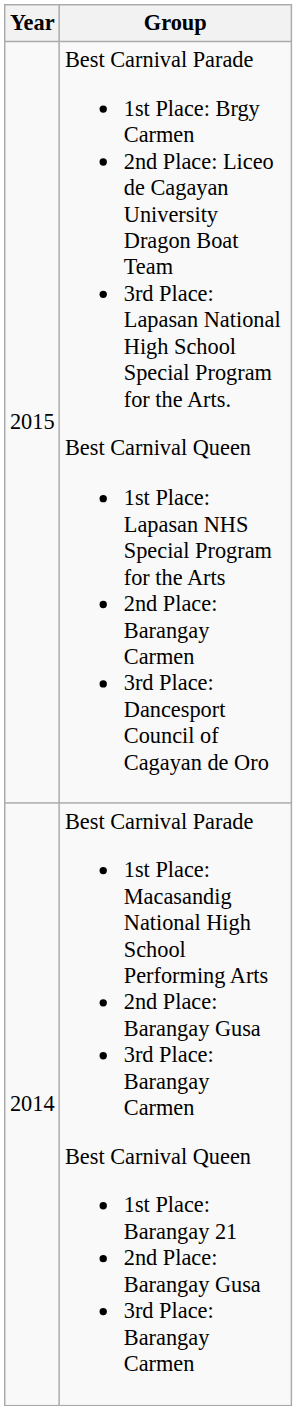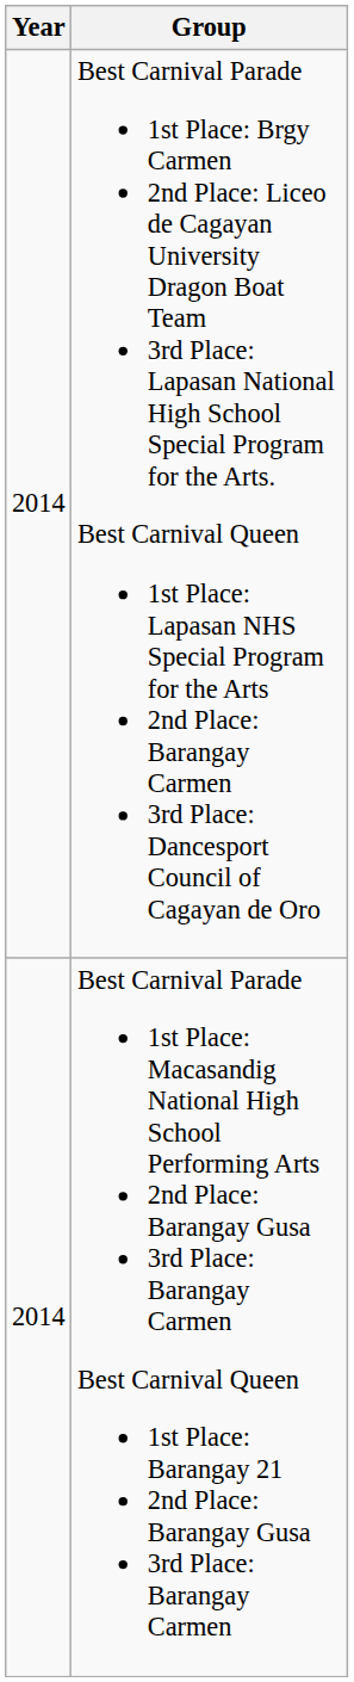 <table class="wikitable sortable" style="font-size: 95%;">
 <tr>
 <th width="30">Year</th>
 <th width="150">Group</th>
 </tr>
 <tr>
-<td>2015</td>
+<td>2014</td>
 <td style="text-align:left;">Best Carnival Parade<br><ul><li>1st Place: Brgy Carmen</li><li>2nd Place: Liceo de Cagayan University Dragon Boat Team</li><li>3rd Place: Lapasan National High School Special Program for the Arts.</li></ul>Best Carnival Queen<ul><li>1st Place: Lapasan NHS Special Program for the Arts</li><li>2nd Place: Barangay Carmen</li><li>3rd Place: Dancesport Council of Cagayan de Oro</li></ul></td>
 </tr>
 <tr>
 <td>2014</td>
 <td style="text-align:left;">Best Carnival Parade<br><ul><li>1st Place: Macasandig National High School Performing Arts</li><li>2nd Place: Barangay Gusa</li><li>3rd Place: Barangay Carmen</li></ul>Best Carnival Queen<ul><li>1st Place: Barangay 21</li><li>2nd Place: Barangay Gusa</li><li>3rd Place: Barangay Carmen</li></ul></td>
 </tr>
 </table>
